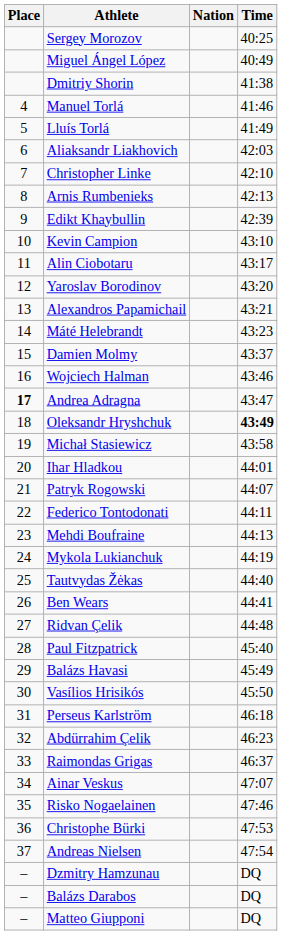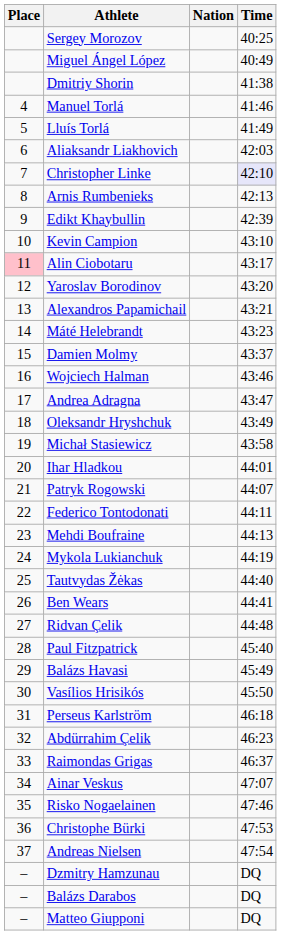 <table class=wikitable>
 <tr>
 <th>Place</th>
 <th>Athlete</th>
 <th>Nation</th>
 <th>Time</th>
 </tr>
 <tr>
 <td align=center></td>
 <td><a href='#'>Sergey Morozov</a></td>
 <td></td>
 <td>40:25</td>
 </tr>
 <tr>
 <td align=center></td>
 <td><a href='#'>Miguel Ángel López</a></td>
 <td></td>
 <td>40:49</td>
 </tr>
 <tr>
 <td align=center></td>
 <td><a href='#'>Dmitriy Shorin</a></td>
 <td></td>
 <td>41:38</td>
 </tr>
 <tr>
 <td align=center>4</td>
 <td><a href='#'>Manuel Torlá</a></td>
 <td></td>
 <td>41:46</td>
 </tr>
 <tr>
 <td align=center>5</td>
 <td><a href='#'>Lluís Torlá</a></td>
 <td></td>
 <td>41:49</td>
 </tr>
 <tr>
 <td align=center>6</td>
 <td><a href='#'>Aliaksandr Liakhovich</a></td>
 <td></td>
 <td>42:03</td>
 </tr>
 <tr>
 <td align=center>7</td>
 <td><a href='#'>Christopher Linke</a></td>
 <td></td>
-<td>42:10</td>
+<td style="background: lavender;">42:10</td>
 </tr>
 <tr>
 <td align=center>8</td>
 <td><a href='#'>Arnis Rumbenieks</a></td>
 <td></td>
 <td>42:13</td>
 </tr>
 <tr>
 <td align=center>9</td>
 <td><a href='#'>Edikt Khaybullin</a></td>
 <td></td>
 <td>42:39</td>
 </tr>
 <tr>
 <td align=center>10</td>
 <td><a href='#'>Kevin Campion</a></td>
 <td></td>
 <td>43:10</td>
 </tr>
 <tr>
-<td align=center>11</td>
+<td align=center style="background: pink;">11</td>
 <td><a href='#'>Alin Ciobotaru</a></td>
 <td></td>
 <td>43:17</td>
 </tr>
 <tr>
 <td align=center>12</td>
 <td><a href='#'>Yaroslav Borodinov</a></td>
 <td></td>
 <td>43:20</td>
 </tr>
 <tr>
 <td align=center>13</td>
 <td><a href='#'>Alexandros Papamichail</a></td>
 <td></td>
 <td>43:21</td>
 </tr>
 <tr>
 <td align=center>14</td>
 <td><a href='#'>Máté Helebrandt</a></td>
 <td></td>
 <td>43:23</td>
 </tr>
 <tr>
 <td align=center>15</td>
 <td><a href='#'>Damien Molmy</a></td>
 <td></td>
 <td>43:37</td>
 </tr>
 <tr>
 <td align=center>16</td>
 <td><a href='#'>Wojciech Halman</a></td>
 <td></td>
 <td>43:46</td>
 </tr>
 <tr>
-<td align=center><strong>17</strong></td>
+<td align=center>17</td>
 <td><a href='#'>Andrea Adragna</a></td>
 <td></td>
 <td>43:47</td>
 </tr>
 <tr>
 <td align=center>18</td>
 <td><a href='#'>Oleksandr Hryshchuk</a></td>
 <td></td>
-<td><strong>43:49</strong></td>
+<td>43:49</td>
 </tr>
 <tr>
 <td align=center>19</td>
 <td><a href='#'>Michał Stasiewicz</a></td>
 <td></td>
 <td>43:58</td>
 </tr>
 <tr>
 <td align=center>20</td>
 <td><a href='#'>Ihar Hladkou</a></td>
 <td></td>
 <td>44:01</td>
 </tr>
 <tr>
 <td align=center>21</td>
 <td><a href='#'>Patryk Rogowski</a></td>
 <td></td>
 <td>44:07</td>
 </tr>
 <tr>
 <td align=center>22</td>
 <td><a href='#'>Federico Tontodonati</a></td>
 <td></td>
 <td>44:11</td>
 </tr>
 <tr>
 <td align=center>23</td>
 <td><a href='#'>Mehdi Boufraine</a></td>
 <td></td>
 <td>44:13</td>
 </tr>
 <tr>
 <td align=center>24</td>
 <td><a href='#'>Mykola Lukianchuk</a></td>
 <td></td>
 <td>44:19</td>
 </tr>
 <tr>
 <td align=center>25</td>
 <td><a href='#'>Tautvydas Žėkas</a></td>
 <td></td>
 <td>44:40</td>
 </tr>
 <tr>
 <td align=center>26</td>
 <td><a href='#'>Ben Wears</a></td>
 <td></td>
 <td>44:41</td>
 </tr>
 <tr>
 <td align=center>27</td>
 <td><a href='#'>Ridvan Çelik</a></td>
 <td></td>
 <td>44:48</td>
 </tr>
 <tr>
 <td align=center>28</td>
 <td><a href='#'>Paul Fitzpatrick</a></td>
 <td></td>
 <td>45:40</td>
 </tr>
 <tr>
 <td align=center>29</td>
 <td><a href='#'>Balázs Havasi</a></td>
 <td></td>
 <td>45:49</td>
 </tr>
 <tr>
 <td align=center>30</td>
 <td><a href='#'>Vasílios Hrisikós</a></td>
 <td></td>
 <td>45:50</td>
 </tr>
 <tr>
 <td align=center>31</td>
 <td><a href='#'>Perseus Karlström</a></td>
 <td></td>
 <td>46:18</td>
 </tr>
 <tr>
 <td align=center>32</td>
 <td><a href='#'>Abdürrahim Çelik</a></td>
 <td></td>
 <td>46:23</td>
 </tr>
 <tr>
 <td align=center>33</td>
 <td><a href='#'>Raimondas Grigas</a></td>
 <td></td>
 <td>46:37</td>
 </tr>
 <tr>
 <td align=center>34</td>
 <td><a href='#'>Ainar Veskus</a></td>
 <td></td>
 <td>47:07</td>
 </tr>
 <tr>
 <td align=center>35</td>
 <td><a href='#'>Risko Nogaelainen</a></td>
 <td></td>
 <td>47:46</td>
 </tr>
 <tr>
 <td align=center>36</td>
 <td><a href='#'>Christophe Bürki</a></td>
 <td></td>
 <td>47:53</td>
 </tr>
 <tr>
 <td align=center>37</td>
 <td><a href='#'>Andreas Nielsen</a></td>
 <td></td>
 <td>47:54</td>
 </tr>
 <tr>
 <td align=center>–</td>
 <td><a href='#'>Dzmitry Hamzunau</a></td>
 <td></td>
 <td>DQ</td>
 </tr>
 <tr>
 <td align=center>–</td>
 <td><a href='#'>Balázs Darabos</a></td>
 <td></td>
 <td>DQ</td>
 </tr>
 <tr>
 <td align=center>–</td>
 <td><a href='#'>Matteo Giupponi</a></td>
 <td></td>
 <td>DQ</td>
 </tr>
 </table>
